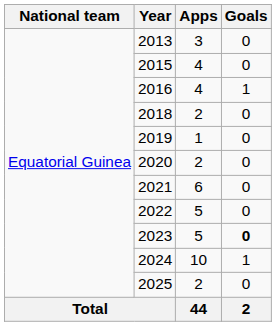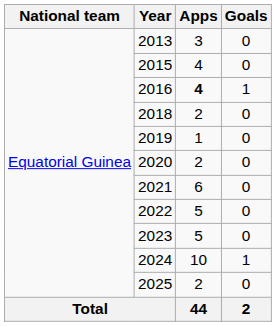 <table class="wikitable" style="text-align:center">
 <tr>
 <th>National team</th>
 <th>Year</th>
 <th>Apps</th>
 <th>Goals</th>
 </tr>
 <tr>
 <td rowspan="11"><a href='#'>Equatorial Guinea</a></td>
 <td>2013</td>
 <td>3</td>
 <td>0</td>
 </tr>
 <tr>
 <td>2015</td>
 <td>4</td>
 <td>0</td>
 </tr>
 <tr>
 <td>2016</td>
-<td>4</td>
+<td><strong>4</strong></td>
 <td>1</td>
 </tr>
 <tr>
 <td>2018</td>
 <td>2</td>
 <td>0</td>
 </tr>
 <tr>
 <td>2019</td>
 <td>1</td>
 <td>0</td>
 </tr>
 <tr>
 <td>2020</td>
 <td>2</td>
 <td>0</td>
 </tr>
 <tr>
 <td>2021</td>
 <td>6</td>
 <td>0</td>
 </tr>
 <tr>
 <td>2022</td>
 <td>5</td>
 <td>0</td>
 </tr>
 <tr>
 <td>2023</td>
 <td>5</td>
-<td><strong>0</strong></td>
+<td>0</td>
 </tr>
 <tr>
 <td>2024</td>
 <td>10</td>
 <td>1</td>
 </tr>
 <tr>
 <td>2025</td>
 <td>2</td>
 <td>0</td>
 </tr>
 <tr>
 <th colspan="2">Total</th>
 <th>44</th>
 <th>2</th>
 </tr>
 </table>
